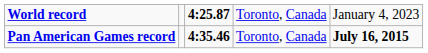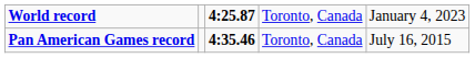 <table class="wikitable">
 <tr>
 <td><strong><a href='#'>World record</a></strong></td>
 <td></td>
 <td><strong>4:25.87</strong></td>
 <td><a href='#'>Toronto</a>, <a href='#'>Canada</a></td>
 <td>January 4, 2023</td>
 </tr>
 <tr>
 <td><strong><a href='#'>Pan American Games record</a></strong></td>
 <td></td>
 <td><strong>4:35.46</strong></td>
 <td><a href='#'>Toronto</a>, <a href='#'>Canada</a></td>
-<td><strong>July 16, 2015</strong></td>
+<td>July 16, 2015</td>
 </tr>
 </table>
